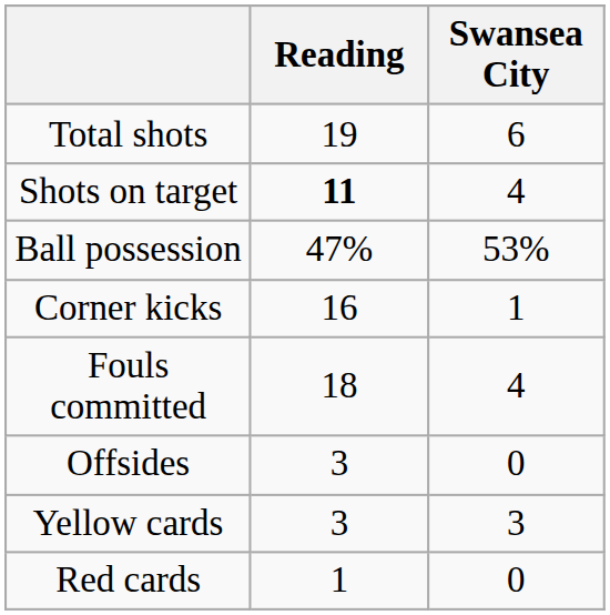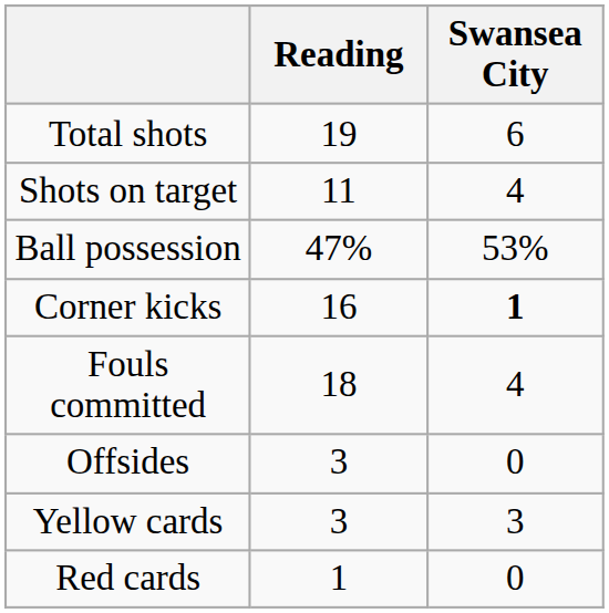 <table class="wikitable" style="text-align:center">
 <tr>
 </tr>
 <tr>
 <th width=100></th>
 <th width=70>Reading</th>
 <th width=70>Swansea City</th>
 </tr>
 <tr>
 <td>Total shots</td>
 <td>19</td>
 <td>6</td>
 </tr>
 <tr>
 <td>Shots on target</td>
-<td><strong>11</strong></td>
+<td>11</td>
 <td>4</td>
 </tr>
 <tr>
 <td>Ball possession</td>
 <td>47%</td>
 <td>53%</td>
 </tr>
 <tr>
 <td>Corner kicks</td>
 <td>16</td>
-<td>1</td>
+<td><strong>1</strong></td>
 </tr>
 <tr>
 <td>Fouls committed</td>
 <td>18</td>
 <td>4</td>
 </tr>
 <tr>
 <td>Offsides</td>
 <td>3</td>
 <td>0</td>
 </tr>
 <tr>
 <td>Yellow cards</td>
 <td>3</td>
 <td>3</td>
 </tr>
 <tr>
 <td>Red cards</td>
 <td>1</td>
 <td>0</td>
 </tr>
 </table>
